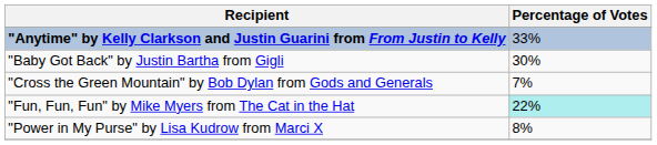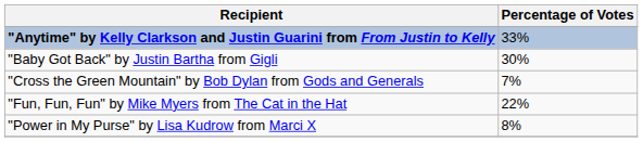 <table class="wikitable sortable plainrowheaders" align="centre">
 <tr>
 <th>Recipient</th>
 <th>Percentage of Votes</th>
 </tr>
 <tr>
 </tr>
 <tr style="background:#B0C4DE;">
 <td><strong>"Anytime" by <a href='#'>Kelly Clarkson</a> and <a href='#'>Justin Guarini</a> from <em><a href='#'>From Justin to Kelly</a><strong><em></td>
 <td></strong>33%<strong></td>
 </tr>
 <tr>
 <td>"Baby Got Back" by <a href='#'>Justin Bartha</a> from </em><a href='#'>Gigli</a><em></td>
 <td>30%</td>
 </tr>
 <tr>
 <td>"Cross the Green Mountain" by <a href='#'>Bob Dylan</a> from </em><a href='#'>Gods and Generals</a><em></td>
 <td>7%</td>
 </tr>
 <tr>
 <td>"Fun, Fun, Fun" by <a href='#'>Mike Myers</a> from </em><a href='#'>The Cat in the Hat</a><em></td>
-<td style="background: paleturquoise;">22%</td>
+<td>22%</td>
 </tr>
 <tr>
 <td>"Power in My Purse" by <a href='#'>Lisa Kudrow</a> from </em><a href='#'>Marci X</a><em></td>
 <td>8%</td>
 </tr>
 <tr>
 </tr>
 </table>
